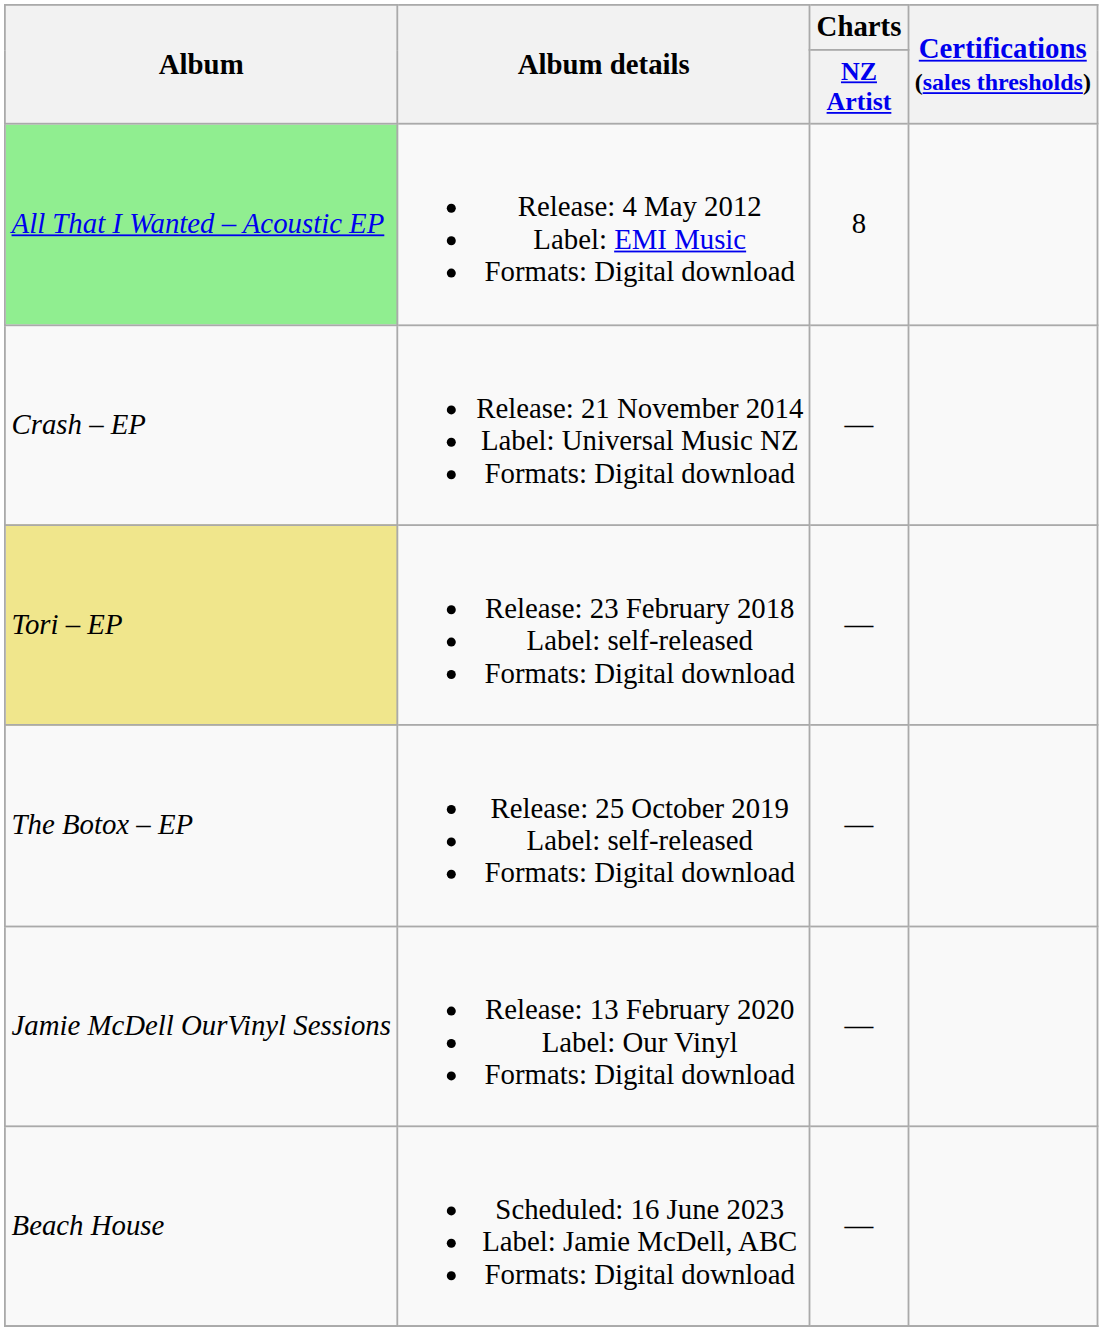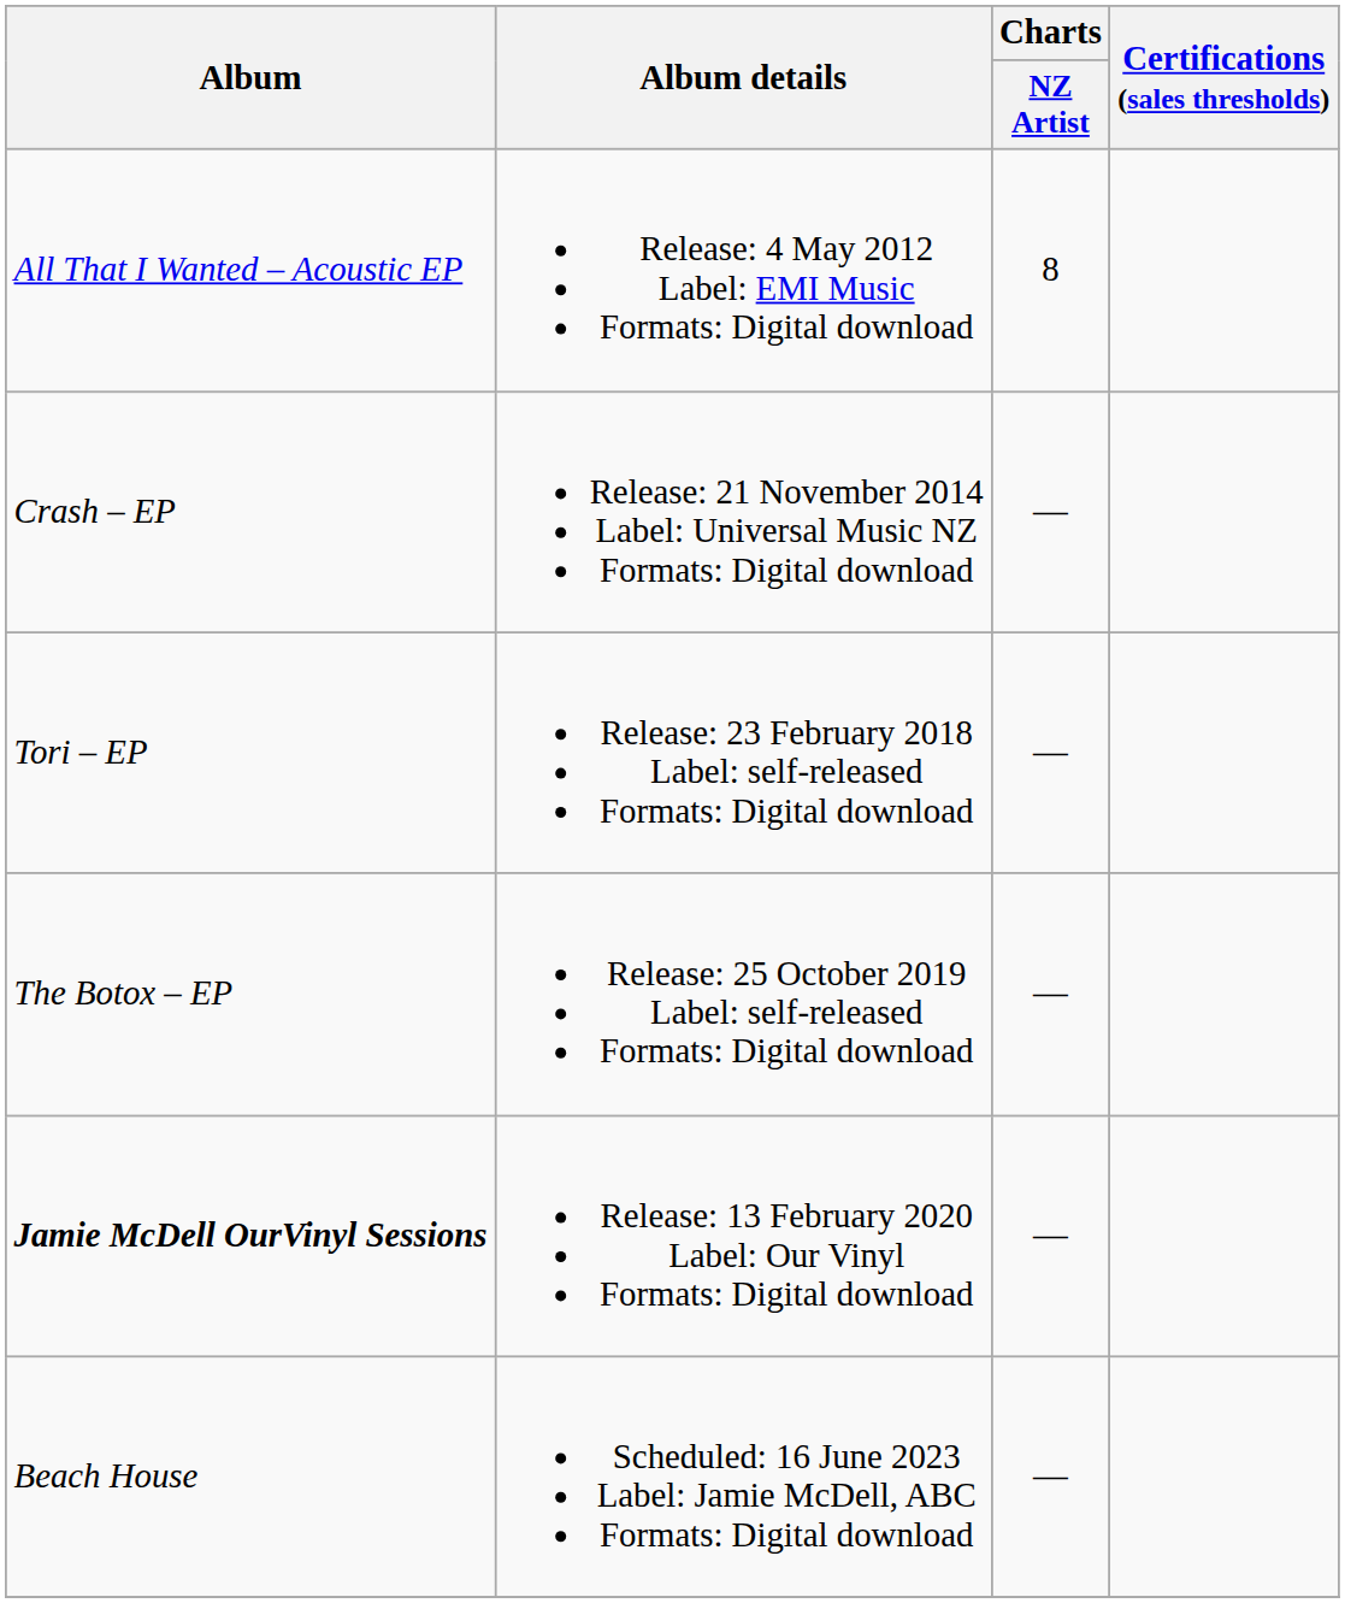 <table class="wikitable plainrowheaders" style="text-align:center;">
 <tr>
 <th rowspan="2">Album</th>
 <th rowspan="2">Album details</th>
 <th colspan="1">Charts</th>
 <th rowspan="2"><a href='#'>Certifications</a><br><small>(<a href='#'>sales thresholds</a>)</small></th>
 </tr>
 <tr>
 <th style="width:3em;font-size:90%;"><a href='#'>NZ<br>Artist</a><br></th>
 </tr>
 <tr>
-<td align="left" style="background: lightgreen;"><em><a href='#'>All That I Wanted – Acoustic EP</a></em></td>
+<td align="left"><em><a href='#'>All That I Wanted – Acoustic EP</a></em></td>
 <td><br><ul><li>Release: 4 May 2012</li><li>Label: <a href='#'>EMI Music</a></li><li>Formats: Digital download</li></ul></td>
 <td>8</td>
 <td></td>
 </tr>
 <tr>
 <td align="left"><em>Crash – EP</em></td>
 <td><br><ul><li>Release: 21 November 2014</li><li>Label: Universal Music NZ</li><li>Formats: Digital download</li></ul></td>
 <td>—</td>
 <td></td>
 </tr>
 <tr>
-<td align="left" style="background: khaki;"><em>Tori – EP</em></td>
+<td align="left"><em>Tori – EP</em></td>
 <td><br><ul><li>Release: 23 February 2018</li><li>Label: self-released</li><li>Formats: Digital download</li></ul></td>
 <td>—</td>
 <td></td>
 </tr>
 <tr>
 <td align="left"><em>The Botox – EP</em></td>
 <td><br><ul><li>Release: 25 October 2019</li><li>Label: self-released</li><li>Formats: Digital download</li></ul></td>
 <td>—</td>
 <td></td>
 </tr>
 <tr>
-<td align="left"><em>Jamie McDell OurVinyl Sessions</em></td>
+<td align="left"><strong><em>Jamie McDell OurVinyl Sessions</em></strong></td>
 <td><br><ul><li>Release: 13 February 2020</li><li>Label: Our Vinyl</li><li>Formats: Digital download</li></ul></td>
 <td>—</td>
 <td></td>
 </tr>
 <tr>
 <td align="left"><em>Beach House</em></td>
 <td><br><ul><li>Scheduled: 16 June 2023</li><li>Label: Jamie McDell, ABC</li><li>Formats: Digital download</li></ul></td>
 <td>—</td>
 <td></td>
 </tr>
 <tr>
 </tr>
 </table>
